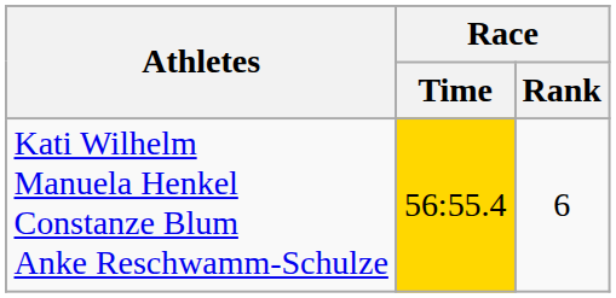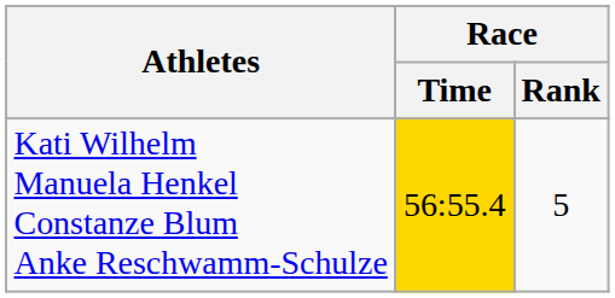 <table class="wikitable" border="1" style="font-size:90%">
 <tr>
 <th rowspan=2>Athletes</th>
 <th colspan=2>Race</th>
 </tr>
 <tr>
 <th>Time</th>
 <th>Rank</th>
 </tr>
 <tr>
 <td><a href='#'>Kati Wilhelm</a><br><a href='#'>Manuela Henkel</a><br><a href='#'>Constanze Blum</a><br><a href='#'>Anke Reschwamm-Schulze</a></td>
 <td align=center style="background: gold;">56:55.4</td>
-<td align=center>6</td>
+<td align=center>5</td>
 </tr>
 </table>
